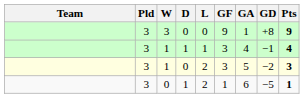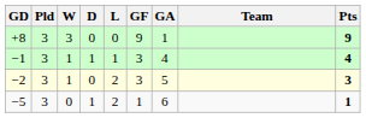 <table class="wikitable" style="text-align:center;">
 <tr>
-<th width=180>Team</th>
+<th width=20>GD</th>
 <th width=20>Pld</th>
 <th width=20>W</th>
 <th width=20>D</th>
 <th width=20>L</th>
 <th width=20>GF</th>
 <th width=20>GA</th>
-<th width=20>GD</th>
+<th width=180>Team</th>
 <th width=20>Pts</th>
 </tr>
 <tr bgcolor="#ccffcc">
-<td align="left"></td>
+<td>+8</td>
 <td>3</td>
 <td>3</td>
 <td>0</td>
 <td>0</td>
 <td>9</td>
 <td>1</td>
-<td>+8</td>
+<td align="left"></td>
 <td><strong>9</strong></td>
 </tr>
 <tr bgcolor="#ccffcc">
-<td align="left"></td>
+<td>−1</td>
 <td>3</td>
 <td>1</td>
 <td>1</td>
 <td>1</td>
 <td>3</td>
 <td>4</td>
-<td>−1</td>
+<td align="left"></td>
 <td><strong>4</strong></td>
 </tr>
 <tr bgcolor="lightyellow">
-<td align="left"></td>
+<td>−2</td>
 <td>3</td>
 <td>1</td>
 <td>0</td>
 <td>2</td>
 <td>3</td>
 <td>5</td>
-<td>−2</td>
+<td align="left"></td>
 <td><strong>3</strong></td>
 </tr>
 <tr>
-<td align="left"></td>
+<td>−5</td>
 <td>3</td>
 <td>0</td>
 <td>1</td>
 <td>2</td>
 <td>1</td>
 <td>6</td>
-<td>−5</td>
+<td align="left"></td>
 <td><strong>1</strong></td>
 </tr>
 </table>
